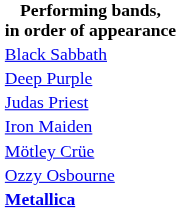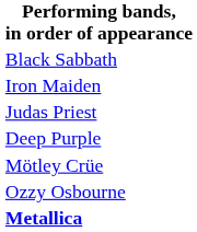 <table align=right>
 <tr>
 <th>Performing bands,<br>in order of appearance</th>
 </tr>
 <tr>
 <td><a href='#'>Black Sabbath</a></td>
 </tr>
 <tr>
-<td><a href='#'>Deep Purple</a></td>
+<td><a href='#'>Iron Maiden</a></td>
 </tr>
 <tr>
 <td><a href='#'>Judas Priest</a></td>
 </tr>
 <tr>
-<td><a href='#'>Iron Maiden</a></td>
+<td><a href='#'>Deep Purple</a></td>
 </tr>
 <tr>
 <td><a href='#'>Mötley Crüe</a></td>
 </tr>
 <tr>
 <td><a href='#'>Ozzy Osbourne</a></td>
 </tr>
 <tr>
 <td><strong><a href='#'>Metallica</a></strong></td>
 </tr>
 </table>
